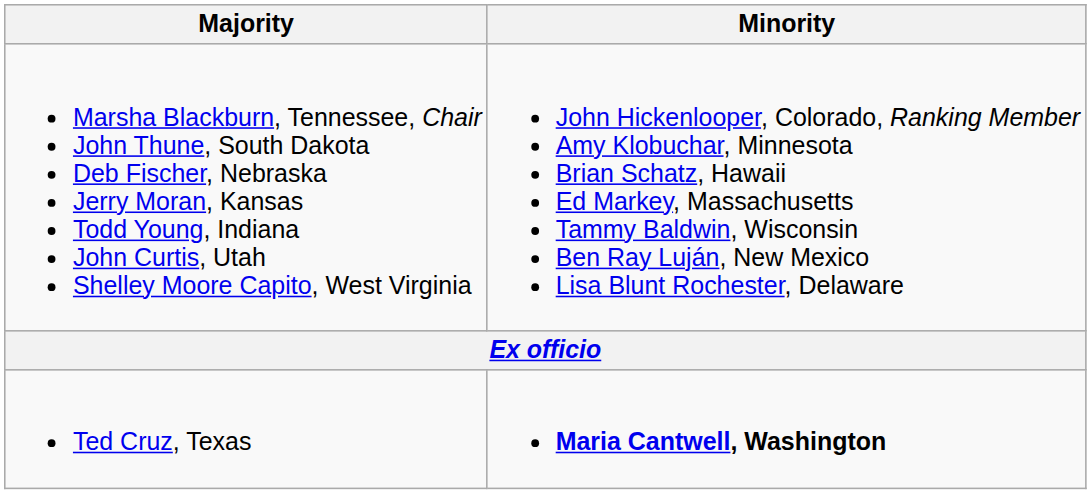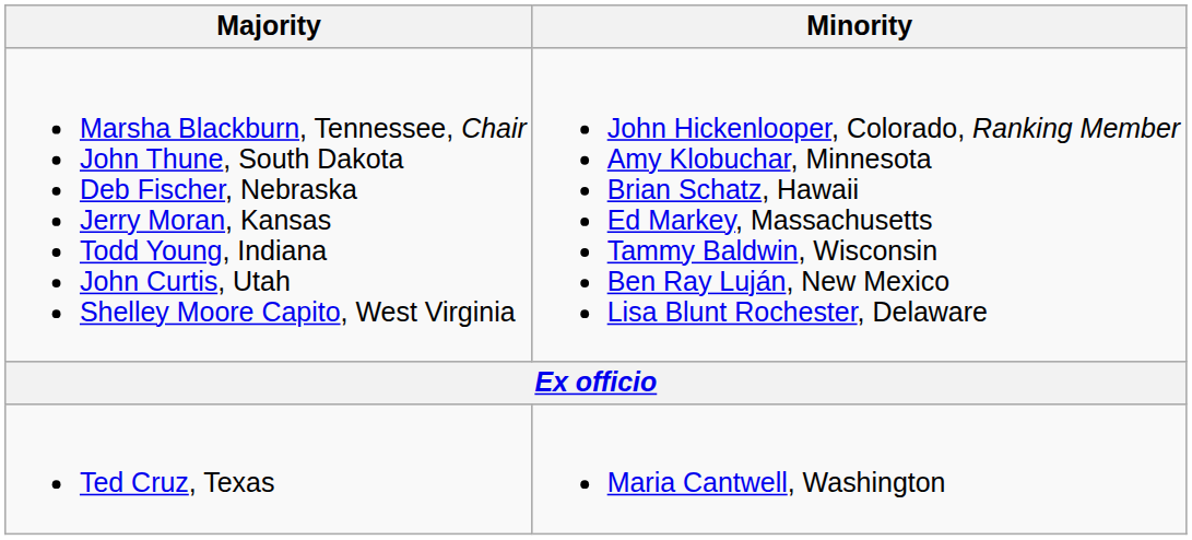 <table class=wikitable>
 <tr>
 <th>Majority</th>
 <th>Minority</th>
 </tr>
 <tr>
 <td><br><ul><li><a href='#'>Marsha Blackburn</a>, Tennessee, <em>Chair</em></li><li><a href='#'>John Thune</a>, South Dakota</li><li><a href='#'>Deb Fischer</a>, Nebraska</li><li><a href='#'>Jerry Moran</a>, Kansas</li><li><a href='#'>Todd Young</a>, Indiana</li><li><a href='#'>John Curtis</a>, Utah</li><li><a href='#'>Shelley Moore Capito</a>, West Virginia</li></ul></td>
 <td><br><ul><li><a href='#'>John Hickenlooper</a>, Colorado, <em>Ranking Member</em></li><li><a href='#'>Amy Klobuchar</a>, Minnesota</li><li><a href='#'>Brian Schatz</a>, Hawaii</li><li><a href='#'>Ed Markey</a>, Massachusetts</li><li><a href='#'>Tammy Baldwin</a>, Wisconsin</li><li><a href='#'>Ben Ray Luján</a>, New Mexico</li><li><a href='#'>Lisa Blunt Rochester</a>, Delaware</li></ul></td>
 </tr>
 <tr>
 <th colspan=2><em><a href='#'>Ex officio</a></em></th>
 </tr>
 <tr>
 <td><br><ul><li><a href='#'>Ted Cruz</a>, Texas</li></ul></td>
-<td><strong><br><ul><li><a href='#'>Maria Cantwell</a>, Washington</li></ul></strong></td>
+<td><br><ul><li><a href='#'>Maria Cantwell</a>, Washington</li></ul></td>
 </tr>
 </table>
